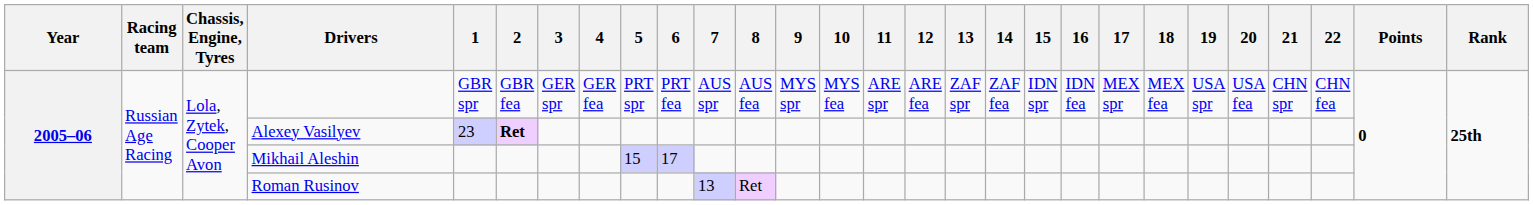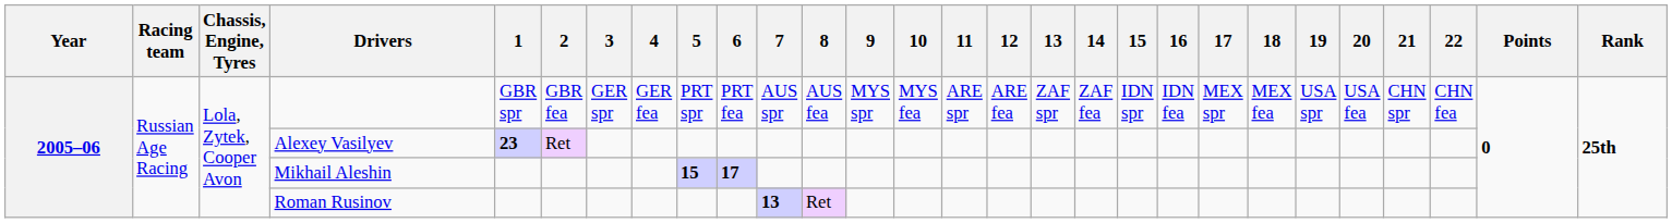 <table class="wikitable" style="font-size: 85%">
 <tr>
 <th>Year</th>
 <th width="4%">Racing<br>team</th>
 <th width="4%">Chassis,<br>Engine,<br>Tyres</th>
 <th>Drivers</th>
 <th width="2%">1</th>
 <th width="2%">2</th>
 <th width="2%">3</th>
 <th width="2%">4</th>
 <th width="2%">5</th>
 <th width="2%">6</th>
 <th width="2%">7</th>
 <th width="2%">8</th>
 <th width="2%">9</th>
 <th width="2%">10</th>
 <th width="2%">11</th>
 <th width="2%">12</th>
 <th width="2%">13</th>
 <th width="2%">14</th>
 <th width="2%">15</th>
 <th width="2%">16</th>
 <th width="2%">17</th>
 <th width="2%">18</th>
 <th width="2%">19</th>
 <th width="2%">20</th>
 <th width="2%">21</th>
 <th width="2%">22</th>
 <th>Points</th>
 <th>Rank</th>
 </tr>
 <tr>
 <th rowspan=4><a href='#'>2005–06</a></th>
 <td rowspan=4><a href='#'>Russian Age Racing</a></td>
 <td rowspan=4><a href='#'>Lola</a>,<br><a href='#'>Zytek</a>,<br><a href='#'>Cooper Avon</a></td>
 <td></td>
 <td><a href='#'>GBR spr</a></td>
 <td><a href='#'>GBR fea</a></td>
 <td><a href='#'>GER spr</a></td>
 <td><a href='#'>GER fea</a></td>
 <td><a href='#'>PRT spr</a></td>
 <td><a href='#'>PRT fea</a></td>
 <td><a href='#'>AUS spr</a></td>
 <td><a href='#'>AUS fea</a></td>
 <td><a href='#'>MYS spr</a></td>
 <td><a href='#'>MYS fea</a></td>
 <td><a href='#'>ARE spr</a></td>
 <td><a href='#'>ARE fea</a></td>
 <td><a href='#'>ZAF spr</a></td>
 <td><a href='#'>ZAF fea</a></td>
 <td><a href='#'>IDN spr</a></td>
 <td><a href='#'>IDN fea</a></td>
 <td><a href='#'>MEX spr</a></td>
 <td><a href='#'>MEX fea</a></td>
 <td><a href='#'>USA spr</a></td>
 <td><a href='#'>USA fea</a></td>
 <td><a href='#'>CHN spr</a></td>
 <td><a href='#'>CHN fea</a></td>
 <td rowspan=4><strong>0</strong></td>
 <td rowspan=4><strong>25th</strong></td>
 </tr>
 <tr>
 <td><a href='#'>Alexey Vasilyev</a></td>
-<td style="background:#CFCFFF;">23</td>
-<td style="background:#EFCFFF;"><strong>Ret</strong></td>
+<td style="background:#CFCFFF;"><strong>23</strong></td>
+<td style="background:#EFCFFF;">Ret</td>
 <td></td>
 <td></td>
 <td></td>
 <td></td>
 <td></td>
 <td></td>
 <td></td>
 <td></td>
 <td></td>
 <td></td>
 <td></td>
 <td></td>
 <td></td>
 <td></td>
 <td></td>
 <td></td>
 <td></td>
 <td></td>
 <td></td>
 <td></td>
 </tr>
 <tr>
 <td><a href='#'>Mikhail Aleshin</a></td>
 <td></td>
 <td></td>
 <td></td>
 <td></td>
-<td style="background:#CFCFFF;">15</td>
-<td style="background:#CFCFFF;">17</td>
+<td style="background:#CFCFFF;"><strong>15</strong></td>
+<td style="background:#CFCFFF;"><strong>17</strong></td>
 <td></td>
 <td></td>
 <td></td>
 <td></td>
 <td></td>
 <td></td>
 <td></td>
 <td></td>
 <td></td>
 <td></td>
 <td></td>
 <td></td>
 <td></td>
 <td></td>
 <td></td>
 <td></td>
 </tr>
 <tr>
 <td><a href='#'>Roman Rusinov</a></td>
 <td></td>
 <td></td>
 <td></td>
 <td></td>
 <td></td>
 <td></td>
-<td style="background:#CFCFFF;">13</td>
+<td style="background:#CFCFFF;"><strong>13</strong></td>
 <td style="background:#EFCFFF;">Ret</td>
 <td></td>
 <td></td>
 <td></td>
 <td></td>
 <td></td>
 <td></td>
 <td></td>
 <td></td>
 <td></td>
 <td></td>
 <td></td>
 <td></td>
 <td></td>
 <td></td>
 </tr>
 </table>
